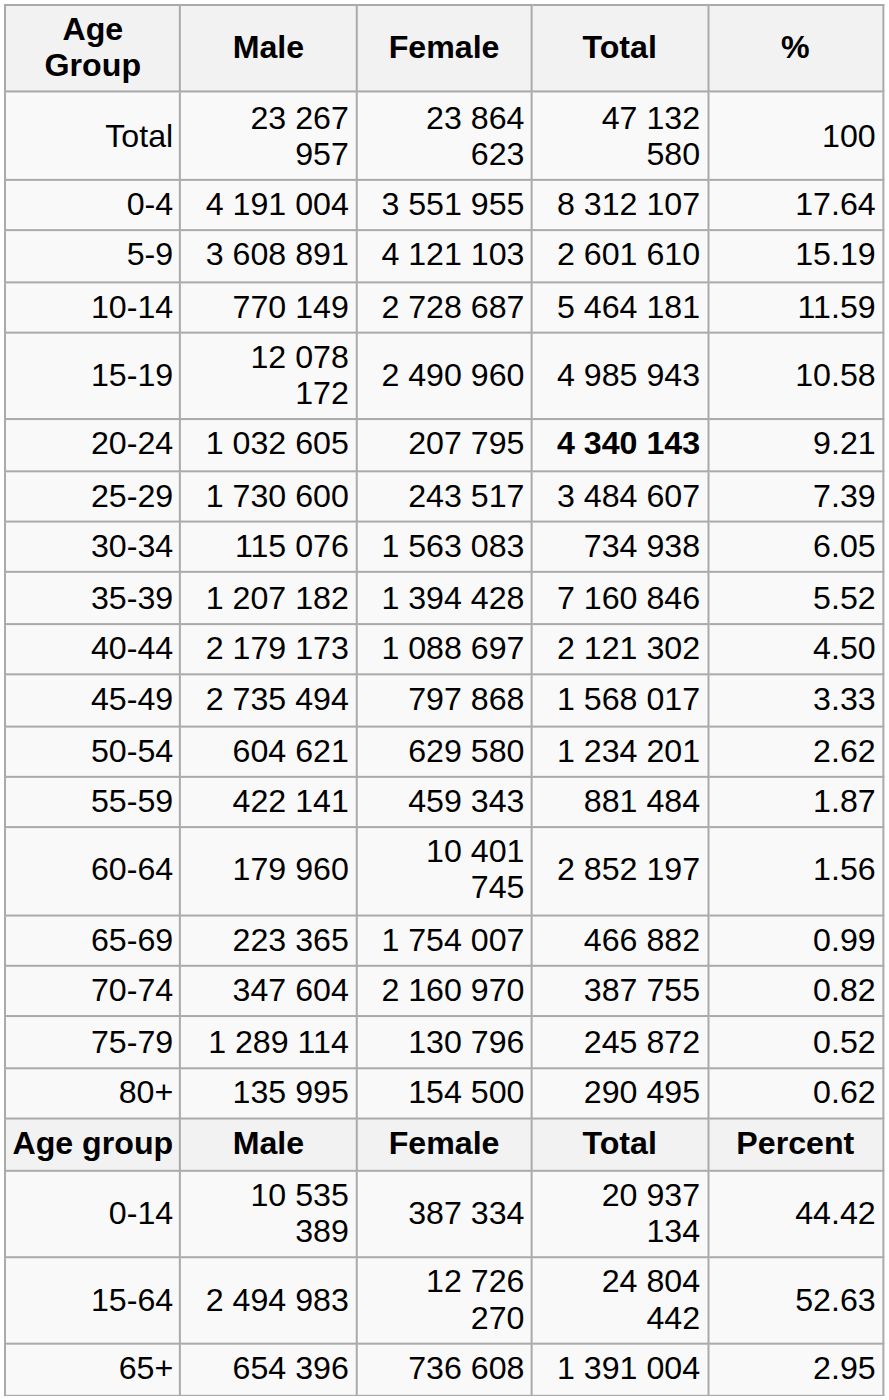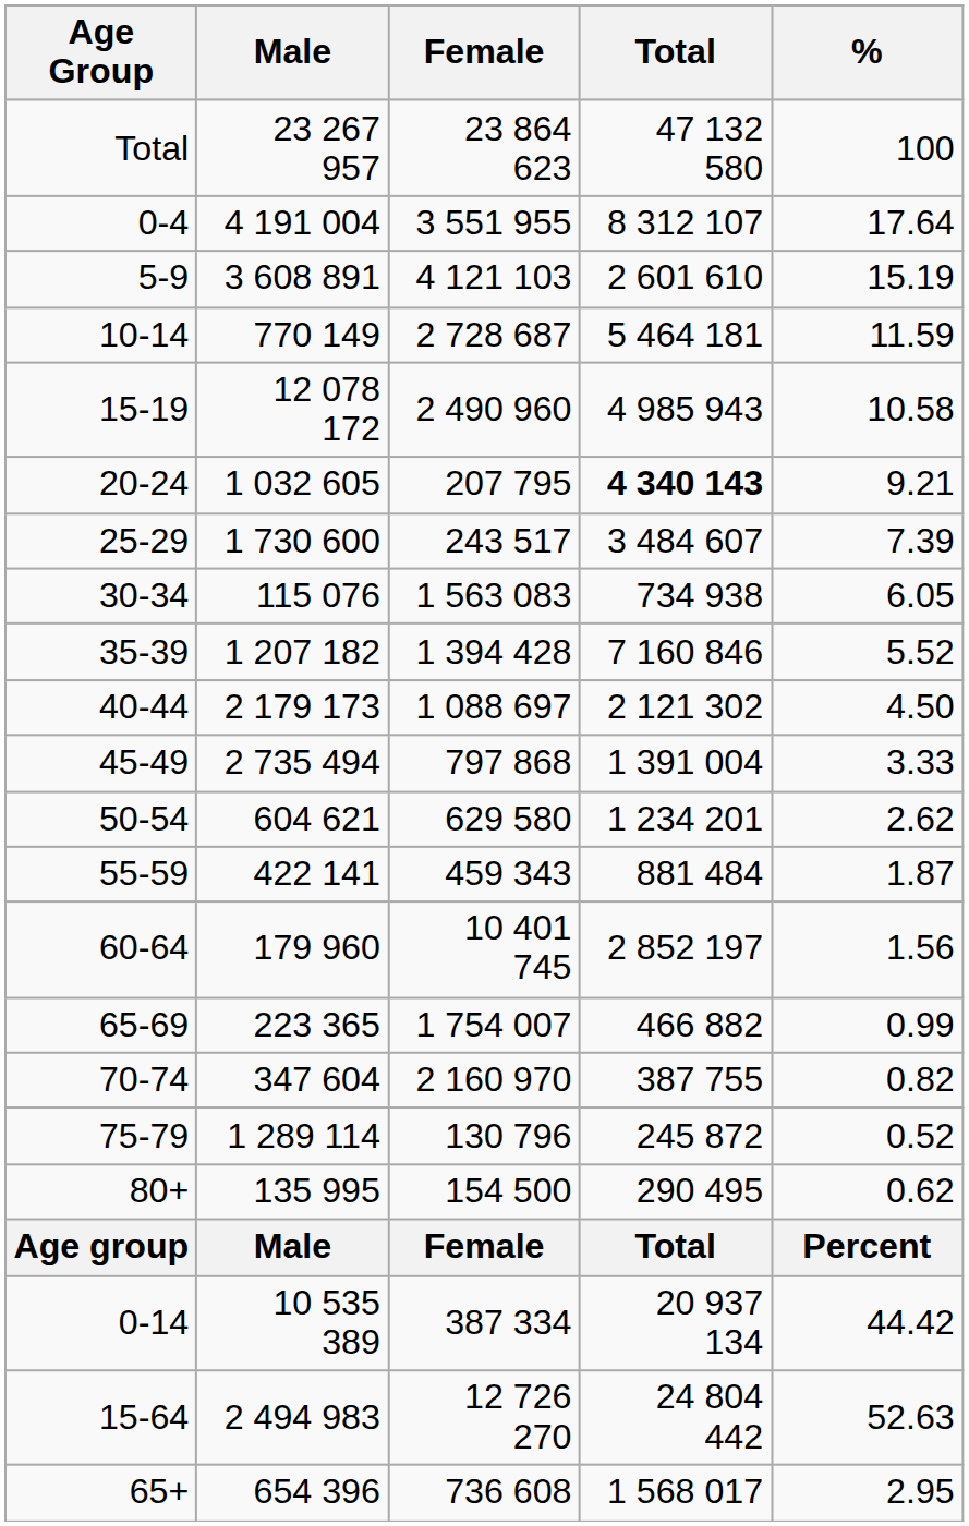 <table class="wikitable">
 <tr>
 <th width="80">Age Group</th>
 <th width="80">Male</th>
 <th width="80">Female</th>
 <th width="80">Total</th>
 <th width="80">%</th>
 </tr>
 <tr>
 <td align="right">Total</td>
 <td align="right">23 267 957</td>
 <td align="right">23 864 623</td>
 <td align="right">47 132 580</td>
 <td align="right">100</td>
 </tr>
 <tr>
 <td align="right">0-4</td>
 <td align="right">4 191 004</td>
 <td align="right">3 551 955</td>
 <td align="right">8 312 107</td>
 <td align="right">17.64</td>
 </tr>
 <tr>
 <td align="right">5-9</td>
 <td align="right">3 608 891</td>
 <td align="right">4 121 103</td>
 <td align="right">2 601 610</td>
 <td align="right">15.19</td>
 </tr>
 <tr>
 <td align="right">10-14</td>
 <td align="right">770 149</td>
 <td align="right">2 728 687</td>
 <td align="right">5 464 181</td>
 <td align="right">11.59</td>
 </tr>
 <tr>
 <td align="right">15-19</td>
 <td align="right">12 078 172</td>
 <td align="right">2 490 960</td>
 <td align="right">4 985 943</td>
 <td align="right">10.58</td>
 </tr>
 <tr>
 <td align="right">20-24</td>
 <td align="right">1 032 605</td>
 <td align="right">207 795</td>
 <td align="right"><strong>4 340 143</strong></td>
 <td align="right">9.21</td>
 </tr>
 <tr>
 <td align="right">25-29</td>
 <td align="right">1 730 600</td>
 <td align="right">243 517</td>
 <td align="right">3 484 607</td>
 <td align="right">7.39</td>
 </tr>
 <tr>
 <td align="right">30-34</td>
 <td align="right">115 076</td>
 <td align="right">1 563 083</td>
 <td align="right">734 938</td>
 <td align="right">6.05</td>
 </tr>
 <tr>
 <td align="right">35-39</td>
 <td align="right">1 207 182</td>
 <td align="right">1 394 428</td>
 <td align="right">7 160 846</td>
 <td align="right">5.52</td>
 </tr>
 <tr>
 <td align="right">40-44</td>
 <td align="right">2 179 173</td>
 <td align="right">1 088 697</td>
 <td align="right">2 121 302</td>
 <td align="right">4.50</td>
 </tr>
 <tr>
 <td align="right">45-49</td>
 <td align="right">2 735 494</td>
 <td align="right">797 868</td>
-<td align="right">1 568 017</td>
+<td align="right">1 391 004</td>
 <td align="right">3.33</td>
 </tr>
 <tr>
 <td align="right">50-54</td>
 <td align="right">604 621</td>
 <td align="right">629 580</td>
 <td align="right">1 234 201</td>
 <td align="right">2.62</td>
 </tr>
 <tr>
 <td align="right">55-59</td>
 <td align="right">422 141</td>
 <td align="right">459 343</td>
 <td align="right">881 484</td>
 <td align="right">1.87</td>
 </tr>
 <tr>
 <td align="right">60-64</td>
 <td align="right">179 960</td>
 <td align="right">10 401 745</td>
 <td align="right">2 852 197</td>
 <td align="right">1.56</td>
 </tr>
 <tr>
 <td align="right">65-69</td>
 <td align="right">223 365</td>
 <td align="right">1 754 007</td>
 <td align="right">466 882</td>
 <td align="right">0.99</td>
 </tr>
 <tr>
 <td align="right">70-74</td>
 <td align="right">347 604</td>
 <td align="right">2 160 970</td>
 <td align="right">387 755</td>
 <td align="right">0.82</td>
 </tr>
 <tr>
 <td align="right">75-79</td>
 <td align="right">1 289 114</td>
 <td align="right">130 796</td>
 <td align="right">245 872</td>
 <td align="right">0.52</td>
 </tr>
 <tr>
 <td align="right">80+</td>
 <td align="right">135 995</td>
 <td align="right">154 500</td>
 <td align="right">290 495</td>
 <td align="right">0.62</td>
 </tr>
 <tr>
 <th width="50">Age group</th>
 <th width="80">Male</th>
 <th width="80">Female</th>
 <th width="80">Total</th>
 <th width="50">Percent</th>
 </tr>
 <tr>
 <td align="right">0-14</td>
 <td align="right">10 535 389</td>
 <td align="right">387 334</td>
 <td align="right">20 937 134</td>
 <td align="right">44.42</td>
 </tr>
 <tr>
 <td align="right">15-64</td>
 <td align="right">2 494 983</td>
 <td align="right">12 726 270</td>
 <td align="right">24 804 442</td>
 <td align="right">52.63</td>
 </tr>
 <tr>
 <td align="right">65+</td>
 <td align="right">654 396</td>
 <td align="right">736 608</td>
-<td align="right">1 391 004</td>
+<td align="right">1 568 017</td>
 <td align="right">2.95</td>
 </tr>
 <tr>
 </tr>
 </table>
